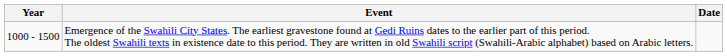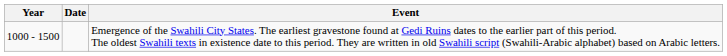 <table class="wikitable">
 <tr>
 <th>Year</th>
+<th>Date</th>
 <th>Event</th>
-<th>Date</th>
 </tr>
 <tr>
 <td>1000 - 1500</td>
+<td></td>
 <td>Emergence of the <a href='#'>Swahili City States</a>. The earliest gravestone found at <a href='#'>Gedi Ruins</a> dates to the earlier part of this period.<br>The oldest <a href='#'>Swahili texts</a> in existence date to this period. They are written in old <a href='#'>Swahili script</a> (Swahili-Arabic alphabet) based on Arabic letters.</td>
-<td></td>
 </tr>
 </table>
